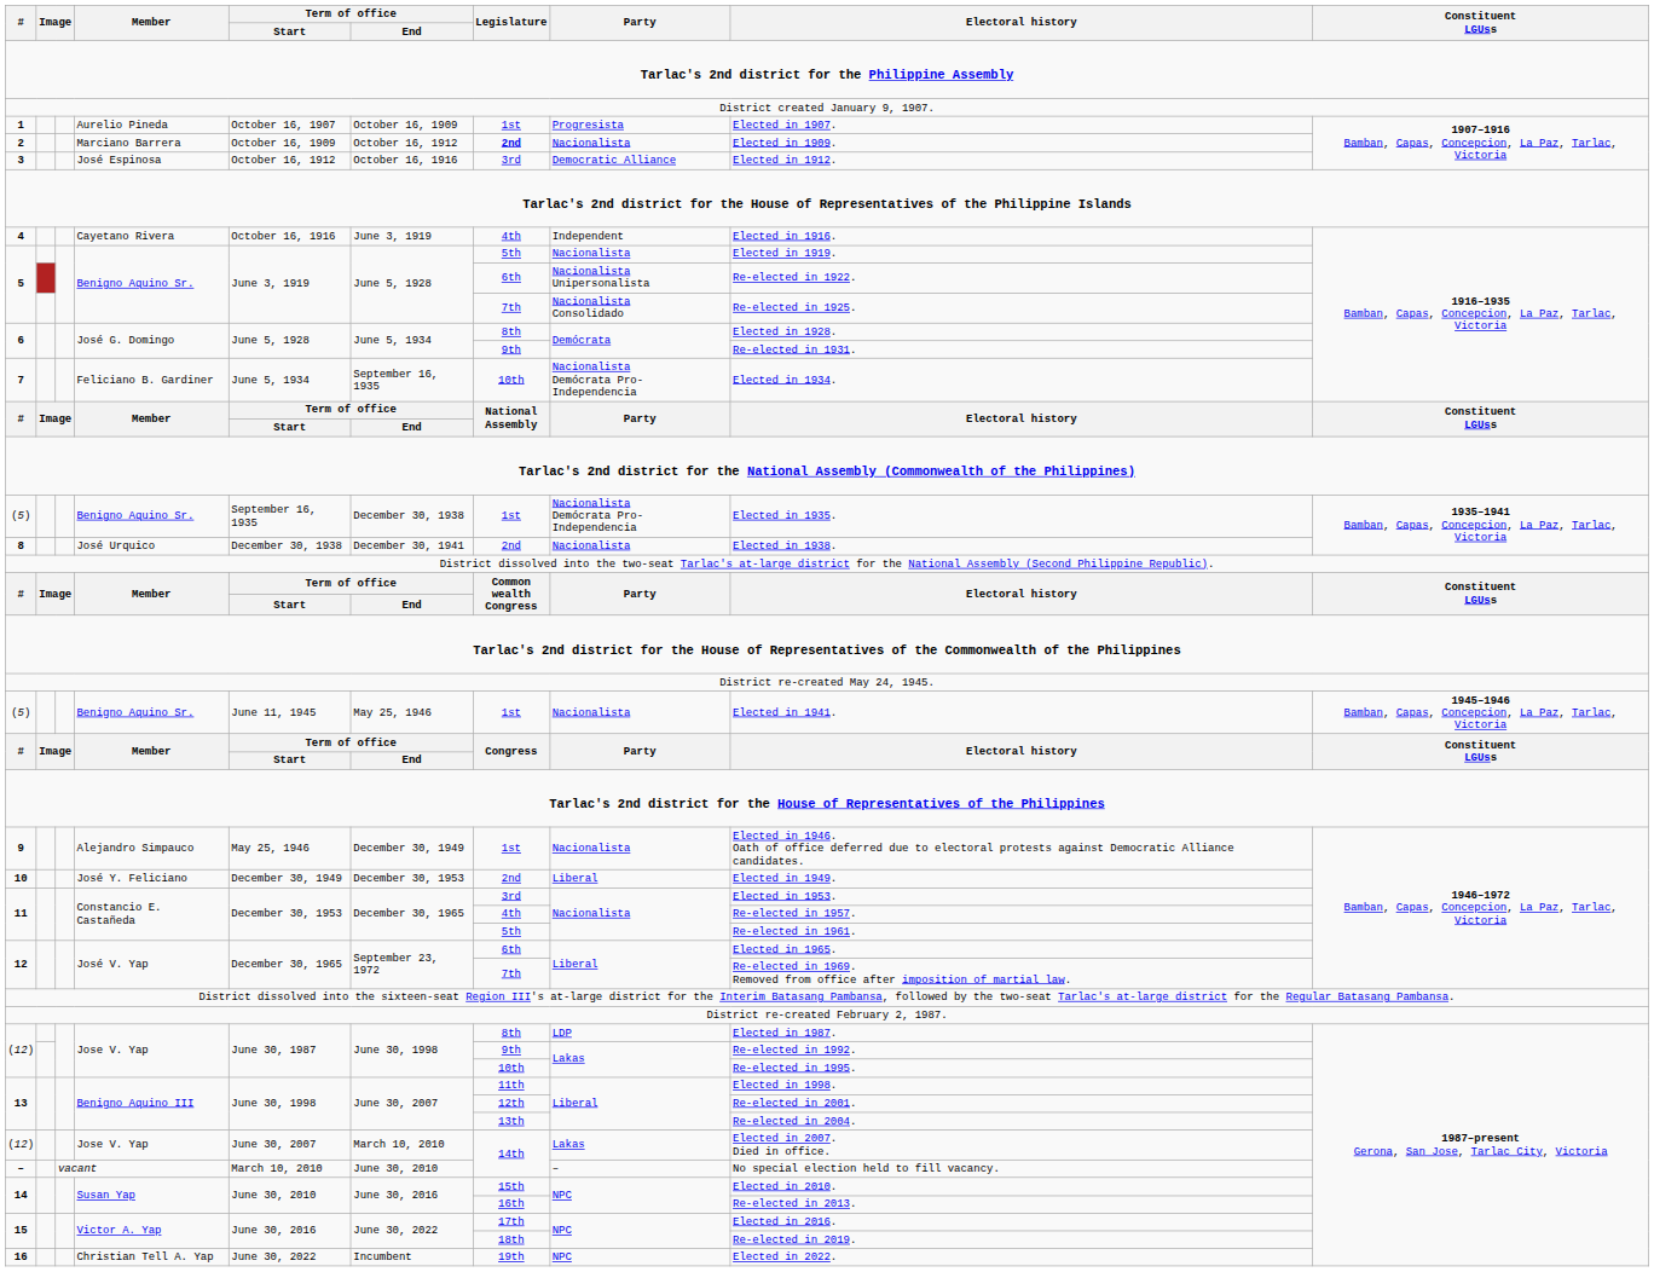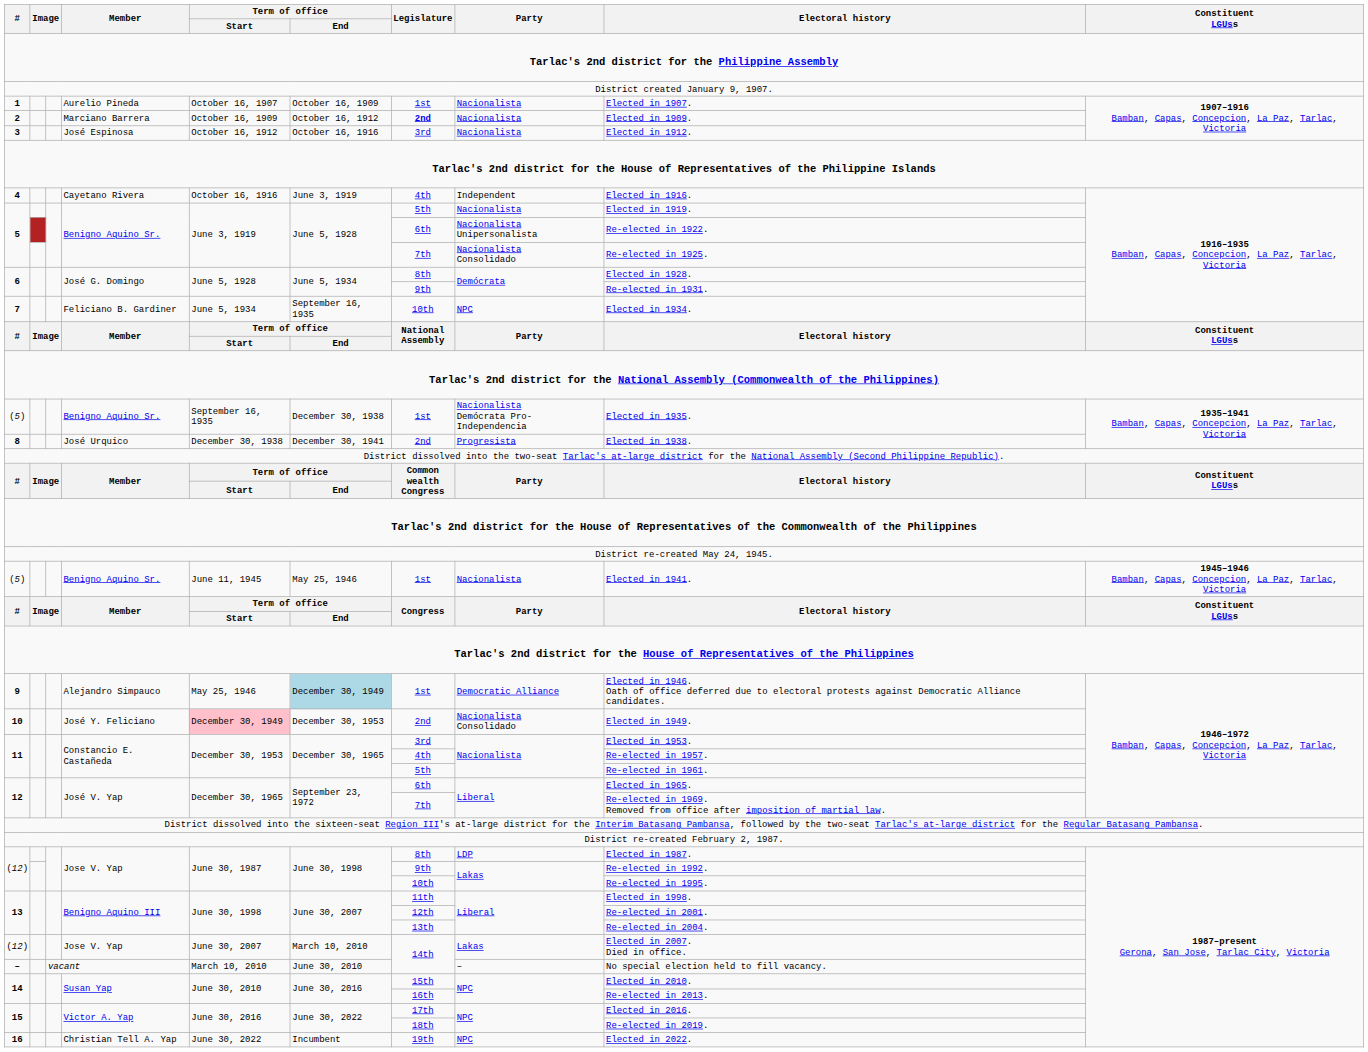 <table class=wikitable>
 <tr>
 <th rowspan="2">#</th>
 <th rowspan="2" colspan=2>Image</th>
 <th rowspan="2">Member</th>
 <th colspan=2>Term of office</th>
 <th rowspan="2">Legislature</th>
 <th rowspan="2">Party</th>
 <th rowspan="2">Electoral history</th>
 <th rowspan="2">Constituent<br><a href='#'>LGUs</a>s</th>
 </tr>
 <tr>
 <th>Start</th>
 <th>End</th>
 </tr>
 <tr>
 <td colspan="10" style="text-align:center;"><br><h3>Tarlac's 2nd district for the <a href='#'>Philippine Assembly</a></h3></td>
 </tr>
 <tr>
 <td colspan="10" style="text-align:center;">District created January 9, 1907.</td>
 </tr>
 <tr>
 <td style="text-align:center;"><strong>1</strong></td>
 <td style="color:inherit;background:"></td>
 <td></td>
 <td>Aurelio Pineda</td>
 <td>October 16, 1907</td>
 <td>October 16, 1909</td>
 <td style="text-align:center;"><a href='#'>1st</a></td>
-<td><a href='#'>Progresista</a></td>
+<td><a href='#'>Nacionalista</a></td>
 <td><a href='#'>Elected in 1907</a>.<br></td>
 <td rowspan="3" style="text-align:center;"><strong>1907–1916</strong><br><a href='#'>Bamban</a>, <a href='#'>Capas</a>, <a href='#'>Concepcion</a>, <a href='#'>La Paz</a>, <a href='#'>Tarlac</a>, <a href='#'>Victoria</a></td>
 </tr>
 <tr>
 <td style="text-align:center;"><strong>2</strong></td>
 <td style="color:inherit;background:"></td>
 <td></td>
 <td>Marciano Barrera</td>
 <td>October 16, 1909</td>
 <td>October 16, 1912</td>
 <td style="text-align:center;"><strong><a href='#'>2nd</a></strong></td>
 <td><a href='#'>Nacionalista</a></td>
 <td><a href='#'>Elected in 1909</a>.</td>
 </tr>
 <tr>
 <td style="text-align:center;"><strong>3</strong></td>
 <td style="color:inherit;background:"></td>
 <td></td>
 <td>José Espinosa</td>
 <td>October 16, 1912</td>
 <td>October 16, 1916</td>
 <td style="text-align:center;"><a href='#'>3rd</a></td>
-<td><a href='#'>Democratic Alliance</a></td>
+<td><a href='#'>Nacionalista</a></td>
 <td><a href='#'>Elected in 1912</a>.</td>
 </tr>
 <tr>
 <td colspan="10" style="text-align:center;"><br><h3>Tarlac's 2nd district for the House of Representatives of the Philippine Islands</h3></td>
 </tr>
 <tr>
 <td style="text-align:center;"><strong>4</strong></td>
 <td style="color:inherit;background:"></td>
 <td></td>
 <td>Cayetano Rivera</td>
 <td>October 16, 1916</td>
 <td>June 3, 1919</td>
 <td style="text-align:center;"><a href='#'>4th</a></td>
 <td>Independent</td>
 <td><a href='#'>Elected in 1916</a>.</td>
 <td rowspan="7" style="text-align:center;"><strong>1916–1935</strong><br><a href='#'>Bamban</a>, <a href='#'>Capas</a>, <a href='#'>Concepcion</a>, <a href='#'>La Paz</a>, <a href='#'>Tarlac</a>, <a href='#'>Victoria</a></td>
 </tr>
 <tr>
 <td rowspan="3" style="text-align:center;"><strong>5</strong></td>
 <td style="color:inherit;background:"></td>
 <td rowspan="3"></td>
 <td rowspan="3"><a href='#'>Benigno Aquino Sr.</a></td>
 <td rowspan="3">June 3, 1919</td>
 <td rowspan="3">June 5, 1928</td>
 <td style="text-align:center;"><a href='#'>5th</a></td>
 <td><a href='#'>Nacionalista</a></td>
 <td><a href='#'>Elected in 1919</a>.</td>
 </tr>
 <tr>
 <td style="background-color:#B22222"></td>
 <td style="text-align:center;"><a href='#'>6th</a></td>
 <td><a href='#'>Nacionalista</a><br>Unipersonalista</td>
 <td><a href='#'>Re-elected in 1922</a>.</td>
 </tr>
 <tr>
 <td style="color:inherit;background:"></td>
 <td style="text-align:center;"><a href='#'>7th</a></td>
 <td><a href='#'>Nacionalista</a><br>Consolidado</td>
 <td><a href='#'>Re-elected in 1925</a>.</td>
 </tr>
 <tr>
 <td rowspan="2" style="text-align:center;"><strong>6</strong></td>
 <td rowspan="2" style="color:inherit;background:"></td>
 <td rowspan="2"></td>
 <td rowspan="2">José G. Domingo</td>
 <td rowspan="2">June 5, 1928</td>
 <td rowspan="2">June 5, 1934</td>
 <td style="text-align:center;"><a href='#'>8th</a></td>
 <td rowspan="2"><a href='#'>Demócrata</a></td>
 <td><a href='#'>Elected in 1928</a>.</td>
 </tr>
 <tr>
 <td style="text-align:center;"><a href='#'>9th</a></td>
 <td><a href='#'>Re-elected in 1931</a>.</td>
 </tr>
 <tr>
 <td style="text-align:center;"><strong>7</strong></td>
 <td style="color:inherit;background:"></td>
 <td></td>
 <td>Feliciano B. Gardiner</td>
 <td>June 5, 1934</td>
 <td>September 16, 1935</td>
 <td style="text-align:center;"><a href='#'>10th</a></td>
-<td><a href='#'>Nacionalista</a><br>Demócrata Pro-Independencia</td>
+<td><a href='#'>NPC</a></td>
 <td><a href='#'>Elected in 1934</a>.</td>
 </tr>
 <tr>
 <th rowspan="2">#</th>
 <th rowspan="2" colspan=2>Image</th>
 <th rowspan="2">Member</th>
 <th colspan=2>Term of office</th>
 <th rowspan="2">National<br>Assembly</th>
 <th rowspan="2">Party</th>
 <th rowspan="2">Electoral history</th>
 <th rowspan="2">Constituent<br><a href='#'>LGUs</a>s</th>
 </tr>
 <tr>
 <th>Start</th>
 <th>End</th>
 </tr>
 <tr>
 <td colspan="10" style="text-align:center;"><br><h3>Tarlac's 2nd district for the <a href='#'>National Assembly (Commonwealth of the Philippines)</a></h3></td>
 </tr>
 <tr>
 <td style="text-align:center;">(<em>5</em>)</td>
 <td style="color:inherit;background:"></td>
 <td></td>
 <td><a href='#'>Benigno Aquino Sr.</a></td>
 <td>September 16, 1935</td>
 <td>December 30, 1938</td>
 <td style="text-align:center;"><a href='#'>1st</a></td>
 <td><a href='#'>Nacionalista</a><br>Demócrata Pro-Independencia</td>
 <td><a href='#'>Elected in 1935</a>.</td>
 <td rowspan="2" style="text-align:center;"><strong>1935–1941</strong><br><a href='#'>Bamban</a>, <a href='#'>Capas</a>, <a href='#'>Concepcion</a>, <a href='#'>La Paz</a>, <a href='#'>Tarlac</a>, <a href='#'>Victoria</a></td>
 </tr>
 <tr>
 <td style="text-align:center;"><strong>8</strong></td>
 <td style="color:inherit;background:"></td>
 <td></td>
 <td>José Urquico</td>
 <td>December 30, 1938</td>
 <td>December 30, 1941</td>
 <td style="text-align:center;"><a href='#'>2nd</a></td>
-<td><a href='#'>Nacionalista</a></td>
+<td><a href='#'>Progresista</a></td>
 <td><a href='#'>Elected in 1938</a>.</td>
 </tr>
 <tr>
 <td colspan="10" style="text-align:center;">District dissolved into the two-seat <a href='#'>Tarlac's at-large district</a> for the <a href='#'>National Assembly (Second Philippine Republic)</a>.</td>
 </tr>
 <tr>
 <th rowspan="2">#</th>
 <th rowspan="2" colspan=2>Image</th>
 <th rowspan="2">Member</th>
 <th colspan=2>Term of office</th>
 <th rowspan="2">Common<br>wealth<br>Congress</th>
 <th rowspan="2">Party</th>
 <th rowspan="2">Electoral history</th>
 <th rowspan="2">Constituent<br><a href='#'>LGUs</a>s</th>
 </tr>
 <tr>
 <th>Start</th>
 <th>End</th>
 </tr>
 <tr>
 <td colspan="10" style="text-align:center;"><br><h3>Tarlac's 2nd district for the House of Representatives of the Commonwealth of the Philippines</h3></td>
 </tr>
 <tr>
 <td colspan="10" style="text-align:center;">District re-created May 24, 1945.</td>
 </tr>
 <tr>
 <td style="text-align:center;">(<em>5</em>)</td>
 <td style="color:inherit;background:"></td>
 <td></td>
 <td><a href='#'>Benigno Aquino Sr.</a></td>
 <td>June 11, 1945</td>
 <td>May 25, 1946</td>
 <td style="text-align:center;"><a href='#'>1st</a></td>
 <td><a href='#'>Nacionalista</a></td>
 <td><a href='#'>Elected in 1941</a>.</td>
 <td style="text-align:center;"><strong>1945–1946</strong><br><a href='#'>Bamban</a>, <a href='#'>Capas</a>, <a href='#'>Concepcion</a>, <a href='#'>La Paz</a>, <a href='#'>Tarlac</a>, <a href='#'>Victoria</a></td>
 </tr>
 <tr>
 <th rowspan="2">#</th>
 <th rowspan="2" colspan=2>Image</th>
 <th rowspan="2">Member</th>
 <th colspan=2>Term of office</th>
 <th rowspan="2">Congress</th>
 <th rowspan="2">Party</th>
 <th rowspan="2">Electoral history</th>
 <th rowspan="2">Constituent<br><a href='#'>LGUs</a>s</th>
 </tr>
 <tr>
 <th>Start</th>
 <th>End</th>
 </tr>
 <tr>
 <td colspan="10" style="text-align:center;"><br><h3>Tarlac's 2nd district for the <a href='#'>House of Representatives of the Philippines</a></h3></td>
 </tr>
 <tr>
 <td style="text-align:center;"><strong>9</strong></td>
 <td style="color:inherit;background:"></td>
 <td></td>
 <td>Alejandro Simpauco</td>
 <td>May 25, 1946</td>
-<td>December 30, 1949</td>
+<td style="background: lightblue;">December 30, 1949</td>
 <td style="text-align:center;"><a href='#'>1st</a></td>
-<td><a href='#'>Nacionalista</a></td>
+<td><a href='#'>Democratic Alliance</a></td>
 <td><a href='#'>Elected in 1946</a>.<br>Oath of office deferred due to electoral protests against Democratic Alliance candidates.</td>
 <td rowspan="7" style="text-align:center;"><strong>1946–1972</strong><br><a href='#'>Bamban</a>, <a href='#'>Capas</a>, <a href='#'>Concepcion</a>, <a href='#'>La Paz</a>, <a href='#'>Tarlac</a>, <a href='#'>Victoria</a></td>
 </tr>
 <tr>
 <td style="text-align:center;"><strong>10</strong></td>
 <td style="color:inherit;background:"></td>
 <td></td>
 <td>José Y. Feliciano</td>
-<td>December 30, 1949</td>
+<td style="background: pink;">December 30, 1949</td>
 <td>December 30, 1953</td>
 <td style="text-align:center;"><a href='#'>2nd</a></td>
-<td><a href='#'>Liberal</a></td>
+<td><a href='#'>Nacionalista</a><br>Consolidado</td>
 <td><a href='#'>Elected in 1949</a>.</td>
 </tr>
 <tr>
 <td rowspan="3" style="text-align:center;"><strong>11</strong></td>
 <td rowspan="3" style="color:inherit;background:"></td>
 <td rowspan="3"></td>
 <td rowspan="3">Constancio E. Castañeda</td>
 <td rowspan="3">December 30, 1953</td>
 <td rowspan="3">December 30, 1965</td>
 <td style="text-align:center;"><a href='#'>3rd</a></td>
 <td rowspan="3"><a href='#'>Nacionalista</a></td>
 <td><a href='#'>Elected in 1953</a>.</td>
 </tr>
 <tr>
 <td style="text-align:center;"><a href='#'>4th</a></td>
 <td><a href='#'>Re-elected in 1957</a>.</td>
 </tr>
 <tr>
 <td style="text-align:center;"><a href='#'>5th</a></td>
 <td><a href='#'>Re-elected in 1961</a>.</td>
 </tr>
 <tr>
 <td rowspan="2" style="text-align:center;"><strong>12</strong></td>
 <td rowspan="2" style="color:inherit;background:"></td>
 <td rowspan="2"></td>
 <td rowspan="2">José V. Yap</td>
 <td rowspan="2">December 30, 1965</td>
 <td rowspan="2">September 23, 1972</td>
 <td style="text-align:center;"><a href='#'>6th</a></td>
 <td rowspan="2"><a href='#'>Liberal</a></td>
 <td><a href='#'>Elected in 1965</a>.</td>
 </tr>
 <tr>
 <td style="text-align:center;"><a href='#'>7th</a></td>
 <td><a href='#'>Re-elected in 1969</a>.<br>Removed from office after <a href='#'>imposition of martial law</a>.</td>
 </tr>
 <tr>
 <td colspan="10" style="text-align:center;">District dissolved into the sixteen-seat <a href='#'>Region III</a>'s at-large district for the <a href='#'>Interim Batasang Pambansa</a>, followed by the two-seat <a href='#'>Tarlac's at-large district</a> for the <a href='#'>Regular Batasang Pambansa</a>.</td>
 </tr>
 <tr>
 <td colspan="10" style="text-align:center;">District re-created February 2, 1987.</td>
 </tr>
 <tr>
 <td rowspan="3" style="text-align:center;">(<em>12</em>)</td>
 <td style="color:inherit;background:"></td>
 <td rowspan="3"></td>
 <td rowspan="3">Jose V. Yap</td>
 <td rowspan="3">June 30, 1987</td>
 <td rowspan="3">June 30, 1998</td>
 <td style="text-align:center;"><a href='#'>8th</a></td>
 <td><a href='#'>LDP</a></td>
 <td><a href='#'>Elected in 1987</a>.</td>
 <td rowspan="13" style="text-align:center;"><strong>1987–present</strong><br><a href='#'>Gerona</a>, <a href='#'>San Jose</a>, <a href='#'>Tarlac City</a>, <a href='#'>Victoria</a></td>
 </tr>
 <tr>
 <td rowspan="2" style="color:inherit;background:"></td>
 <td style="text-align:center;"><a href='#'>9th</a></td>
 <td rowspan="2"><a href='#'>Lakas</a></td>
 <td><a href='#'>Re-elected in 1992</a>.</td>
 </tr>
 <tr>
 <td style="text-align:center;"><a href='#'>10th</a></td>
 <td><a href='#'>Re-elected in 1995</a>.</td>
 </tr>
 <tr>
 <td rowspan="3" style="text-align:center;"><strong>13</strong></td>
 <td rowspan="3" style="color:inherit;background:"></td>
 <td rowspan="3"></td>
 <td rowspan="3"><a href='#'>Benigno Aquino III</a></td>
 <td rowspan="3">June 30, 1998</td>
 <td rowspan="3">June 30, 2007</td>
 <td style="text-align:center;"><a href='#'>11th</a></td>
 <td rowspan="3"><a href='#'>Liberal</a></td>
 <td><a href='#'>Elected in 1998</a>.</td>
 </tr>
 <tr>
 <td style="text-align:center;"><a href='#'>12th</a></td>
 <td><a href='#'>Re-elected in 2001</a>.</td>
 </tr>
 <tr>
 <td style="text-align:center;"><a href='#'>13th</a></td>
 <td><a href='#'>Re-elected in 2004</a>.</td>
 </tr>
 <tr>
 <td style="text-align:center;">(<em>12</em>)</td>
 <td style="color:inherit;background:"></td>
 <td></td>
 <td>Jose V. Yap</td>
 <td>June 30, 2007</td>
 <td>March 10, 2010</td>
 <td rowspan="2" style="text-align:center;"><a href='#'>14th</a></td>
 <td><a href='#'>Lakas</a></td>
 <td><a href='#'>Elected in 2007</a>.<br>Died in office.</td>
 </tr>
 <tr>
 <td style="text-align:center;"><strong>–</strong></td>
 <td style="color:inherit;background:"></td>
 <td colspan="2"><em>vacant</em></td>
 <td>March 10, 2010</td>
 <td>June 30, 2010</td>
 <td>–</td>
 <td>No special election held to fill vacancy.</td>
 </tr>
 <tr>
 <td rowspan="2" style="text-align:center;"><strong>14</strong></td>
 <td rowspan="2" style="color:inherit;background:"></td>
 <td rowspan="2"></td>
 <td rowspan="2"><a href='#'>Susan Yap</a></td>
 <td rowspan="2">June 30, 2010</td>
 <td rowspan="2">June 30, 2016</td>
 <td style="text-align:center;"><a href='#'>15th</a></td>
 <td rowspan="2"><a href='#'>NPC</a></td>
 <td><a href='#'>Elected in 2010</a>.</td>
 </tr>
 <tr>
 <td style="text-align:center;"><a href='#'>16th</a></td>
 <td><a href='#'>Re-elected in 2013</a>.</td>
 </tr>
 <tr>
 <td rowspan="2" style="text-align:center;"><strong>15</strong></td>
 <td rowspan="2" style="color:inherit;background:"></td>
 <td rowspan="2"></td>
 <td rowspan="2"><a href='#'>Victor A. Yap</a></td>
 <td rowspan="2">June 30, 2016</td>
 <td rowspan="2">June 30, 2022</td>
 <td style="text-align:center;"><a href='#'>17th</a></td>
 <td rowspan="2"><a href='#'>NPC</a></td>
 <td><a href='#'>Elected in 2016</a>.</td>
 </tr>
 <tr>
 <td style="text-align:center;"><a href='#'>18th</a></td>
 <td><a href='#'>Re-elected in 2019</a>.</td>
 </tr>
 <tr>
 <td style="text-align:center;"><strong>16</strong></td>
 <td style="color:inherit;background:"></td>
 <td></td>
 <td>Christian Tell A. Yap</td>
 <td>June 30, 2022</td>
 <td>Incumbent</td>
 <td style="text-align:center;"><a href='#'>19th</a></td>
 <td><a href='#'>NPC</a></td>
 <td><a href='#'>Elected in 2022</a>.</td>
 </tr>
 </table>
